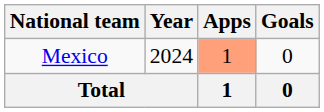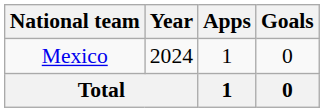 <table class="wikitable" style="text-align:center">
 <tr>
 <th>National team</th>
 <th>Year</th>
 <th>Apps</th>
 <th>Goals</th>
 </tr>
 <tr>
 <td rowspan="1"><a href='#'>Mexico</a></td>
 <td>2024</td>
-<td style="background: lightsalmon;">1</td>
+<td>1</td>
 <td>0</td>
 </tr>
 <tr>
 <th colspan="2">Total</th>
 <th>1</th>
 <th>0</th>
 </tr>
 </table>
